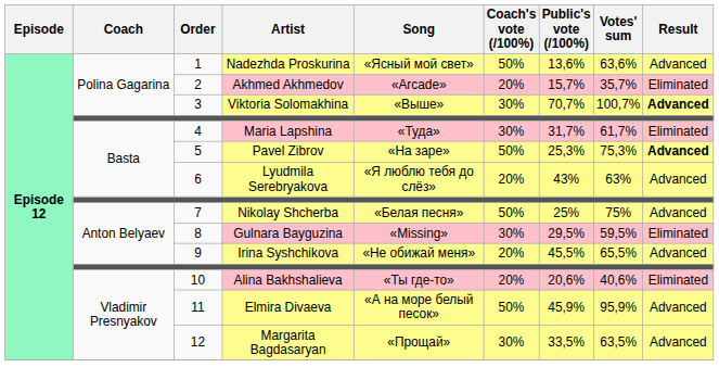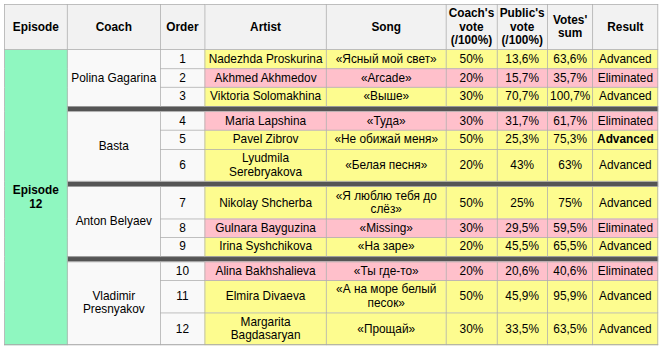 <table class="wikitable" style="text-align:center; width:100%;">
 <tr>
 <th style="width:10%;">Episode</th>
 <th style="width:15%;">Coach</th>
 <th style="width:7%;">Order</th>
 <th style="width:20%;">Artist</th>
 <th style="width:20%;">Song</th>
 <th style="width:5%;">Coach's vote (/100%)</th>
 <th style="width:5%;">Public's vote (/100%)</th>
 <th style="width:5%;">Votes' sum</th>
 <th style="width:10%;">Result</th>
 </tr>
 <tr>
 <th rowspan=15 style="background:#8ff7c0;">Episode 12<br><small></small> </th>
 <td rowspan=3>Polina Gagarina</td>
 <td>1</td>
 <td style="background:#fdfc8f;">Nadezhda Proskurina</td>
 <td style="background:#fdfc8f;">«Ясный мой свет»</td>
 <td style="background:#fdfc8f;">50%</td>
 <td style="background:#fdfc8f;">13,6%</td>
 <td style="background:#fdfc8f;">63,6%</td>
 <td style="background:#fdfc8f;">Advanced</td>
 </tr>
 <tr>
 <td>2</td>
 <td style="background:pink;">Akhmed Akhmedov</td>
 <td style="background:pink;">«Arcade»</td>
 <td style="background:pink;">20%</td>
 <td style="background:pink;">15,7%</td>
 <td style="background:pink;">35,7%</td>
 <td style="background:pink;">Eliminated</td>
 </tr>
 <tr>
 <td>3</td>
 <td style="background:#fdfc8f;">Viktoria Solomakhina</td>
 <td style="background:#fdfc8f;">«Выше»</td>
 <td style="background:#fdfc8f;">30%</td>
 <td style="background:#fdfc8f;">70,7%</td>
 <td style="background:#fdfc8f;">100,7%</td>
-<td style="background:#fdfc8f;"><strong>Advanced</strong></td>
+<td style="background:#fdfc8f;">Advanced</td>
 </tr>
 <tr>
 <td colspan="11" style="background:#555;"></td>
 </tr>
 <tr>
 <td rowspan=3>Basta</td>
 <td>4</td>
 <td style="background:pink;">Maria Lapshina</td>
 <td style="background:pink;">«Туда»</td>
 <td style="background:pink;">30%</td>
 <td style="background:pink;">31,7%</td>
 <td style="background:pink;">61,7%</td>
 <td style="background:pink;">Eliminated</td>
 </tr>
 <tr>
 <td>5</td>
 <td style="background:#fdfc8f;">Pavel Zibrov</td>
-<td style="background:#fdfc8f;">«На заре»</td>
+<td style="background:#fdfc8f;">«Не обижай меня»</td>
 <td style="background:#fdfc8f;">50%</td>
 <td style="background:#fdfc8f;">25,3%</td>
 <td style="background:#fdfc8f;">75,3%</td>
 <td style="background:#fdfc8f;"><strong>Advanced</strong></td>
 </tr>
 <tr>
 <td>6</td>
 <td style="background:#fdfc8f;">Lyudmila Serebryakova</td>
-<td style="background:#fdfc8f;">«Я люблю тебя до слёз»</td>
+<td style="background:#fdfc8f;">«Белая песня»</td>
 <td style="background:#fdfc8f;">20%</td>
 <td style="background:#fdfc8f;">43%</td>
 <td style="background:#fdfc8f;">63%</td>
 <td style="background:#fdfc8f;">Advanced</td>
 </tr>
 <tr>
 <td colspan="11" style="background:#555;"></td>
 </tr>
 <tr>
 <td rowspan=3>Anton Belyaev</td>
 <td>7</td>
 <td style="background:#fdfc8f;">Nikolay Shcherba</td>
-<td style="background:#fdfc8f;">«Белая песня»</td>
+<td style="background:#fdfc8f;">«Я люблю тебя до слёз»</td>
 <td style="background:#fdfc8f;">50%</td>
 <td style="background:#fdfc8f;">25%</td>
 <td style="background:#fdfc8f;">75%</td>
 <td style="background:#fdfc8f;">Advanced</td>
 </tr>
 <tr>
 <td>8</td>
 <td style="background:pink;">Gulnara Bayguzina</td>
 <td style="background:pink;">«Missing»</td>
 <td style="background:pink;">30%</td>
 <td style="background:pink;">29,5%</td>
 <td style="background:pink;">59,5%</td>
 <td style="background:pink;">Eliminated</td>
 </tr>
 <tr>
 <td>9</td>
 <td style="background:#fdfc8f;">Irina Syshchikova</td>
-<td style="background:#fdfc8f;">«Не обижай меня»</td>
+<td style="background:#fdfc8f;">«На заре»</td>
 <td style="background:#fdfc8f;">20%</td>
 <td style="background:#fdfc8f;">45,5%</td>
 <td style="background:#fdfc8f;">65,5%</td>
 <td style="background:#fdfc8f;">Advanced</td>
 </tr>
 <tr>
 <td colspan="11" style="background:#555;"></td>
 </tr>
 <tr>
 <td rowspan=3>Vladimir Presnyakov</td>
 <td>10</td>
 <td style="background:pink;">Alina Bakhshalieva</td>
 <td style="background:pink;">«Ты где-то»</td>
 <td style="background:pink;">20%</td>
 <td style="background:pink;">20,6%</td>
 <td style="background:pink;">40,6%</td>
 <td style="background:pink;">Eliminated</td>
 </tr>
 <tr>
 <td>11</td>
 <td style="background:#fdfc8f;">Elmira Divaeva</td>
 <td style="background:#fdfc8f;">«А на море белый песок»</td>
 <td style="background:#fdfc8f;">50%</td>
 <td style="background:#fdfc8f;">45,9%</td>
 <td style="background:#fdfc8f;">95,9%</td>
 <td style="background:#fdfc8f;">Advanced</td>
 </tr>
 <tr>
 <td>12</td>
 <td style="background:#fdfc8f;">Margarita Bagdasaryan</td>
 <td style="background:#fdfc8f;">«Прощай»</td>
 <td style="background:#fdfc8f;">30%</td>
 <td style="background:#fdfc8f;">33,5%</td>
 <td style="background:#fdfc8f;">63,5%</td>
 <td style="background:#fdfc8f;">Advanced</td>
 </tr>
 <tr>
 </tr>
 </table>
